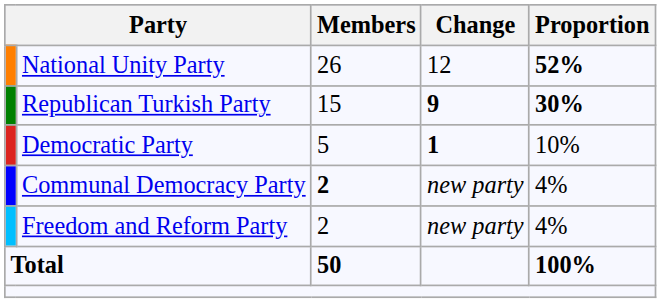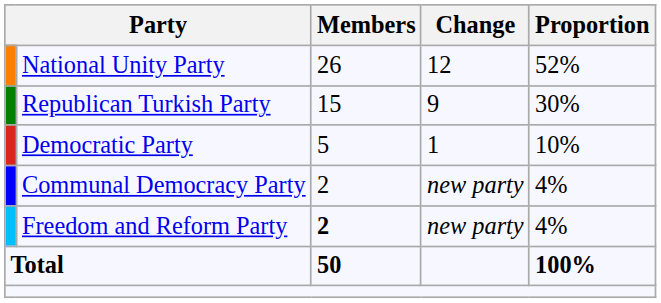 <table class=wikitable style="border:1px solid #8888aa; background-color:#f7f8ff; padding:0px; font-size:90%;">
 <tr>
 <th colspan="2">Party</th>
 <th>Members</th>
 <th>Change</th>
 <th>Proportion</th>
 </tr>
 <tr>
 <td style="background: #FF7F00"></td>
 <td><a href='#'>National Unity Party</a></td>
 <td>26</td>
 <td>12</td>
-<td><strong>52%</strong></td>
+<td>52%</td>
 </tr>
 <tr>
 <td style="background: #008000"></td>
 <td><a href='#'>Republican Turkish Party</a></td>
 <td>15</td>
-<td><strong>9</strong></td>
-<td><strong>30%</strong></td>
+<td>9</td>
+<td>30%</td>
 </tr>
 <tr>
 <td style="background: #DC241f"></td>
 <td><a href='#'>Democratic Party</a></td>
 <td>5</td>
-<td><strong>1</strong></td>
+<td>1</td>
 <td>10%</td>
 </tr>
 <tr>
 <td style="background: #0000FF"></td>
 <td><a href='#'>Communal Democracy Party</a></td>
-<td><strong>2</strong></td>
+<td>2</td>
 <td><em>new party</em></td>
 <td>4%</td>
 </tr>
 <tr>
 <td style="background: #00BFFF"></td>
 <td><a href='#'>Freedom and Reform Party</a></td>
-<td>2</td>
+<td><strong>2</strong></td>
 <td><em>new party</em></td>
 <td>4%</td>
 </tr>
 <tr>
 <td colspan="2"><strong>Total</strong></td>
 <td><strong>50</strong></td>
 <td></td>
 <td><strong>100%</strong></td>
 </tr>
 <tr>
 <td colspan="7"></td>
 </tr>
 </table>
